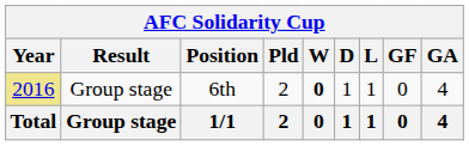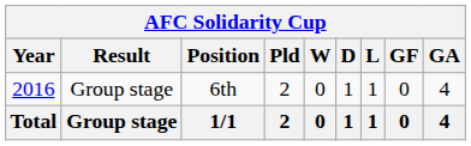 <table class="wikitable" style="text-align: center;">
 <tr>
 <th colspan=9><a href='#'>AFC Solidarity Cup</a></th>
 </tr>
 <tr>
 <th>Year</th>
 <th>Result</th>
 <th>Position</th>
 <th>Pld</th>
 <th>W</th>
 <th>D</th>
 <th>L</th>
 <th>GF</th>
 <th>GA</th>
 </tr>
 <tr>
-<td style="background: khaki;"> <a href='#'>2016</a></td>
+<td> <a href='#'>2016</a></td>
 <td>Group stage</td>
 <td>6th</td>
 <td>2</td>
-<td><strong>0</strong></td>
+<td>0</td>
 <td>1</td>
 <td>1</td>
 <td>0</td>
 <td>4</td>
 </tr>
 <tr>
 <th><strong>Total</strong></th>
 <th><strong>Group stage</strong></th>
 <th>1/1</th>
 <th>2</th>
 <th>0</th>
 <th>1</th>
 <th>1</th>
 <th>0</th>
 <th>4</th>
 </tr>
 </table>
